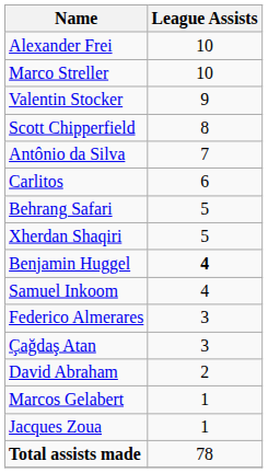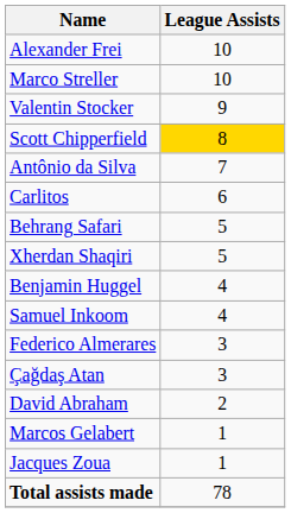 <table class="wikitable">
 <tr>
 <th>Name</th>
 <th>League Assists</th>
 </tr>
 <tr>
 <td> <a href='#'>Alexander Frei</a></td>
 <td style="text-align:center;">10</td>
 </tr>
 <tr>
 <td> <a href='#'>Marco Streller</a></td>
 <td style="text-align:center;">10</td>
 </tr>
 <tr>
 <td> <a href='#'>Valentin Stocker</a></td>
 <td style="text-align:center;">9</td>
 </tr>
 <tr>
 <td> <a href='#'>Scott Chipperfield</a></td>
-<td style="text-align:center;">8</td>
+<td style="background: gold; text-align:center;">8</td>
 </tr>
 <tr>
 <td> <a href='#'>Antônio da Silva</a></td>
 <td style="text-align:center;">7</td>
 </tr>
 <tr>
 <td> <a href='#'>Carlitos</a></td>
 <td style="text-align:center;">6</td>
 </tr>
 <tr>
 <td> <a href='#'>Behrang Safari</a></td>
 <td style="text-align:center;">5</td>
 </tr>
 <tr>
 <td> <a href='#'>Xherdan Shaqiri</a></td>
 <td style="text-align:center;">5</td>
 </tr>
 <tr>
 <td> <a href='#'>Benjamin Huggel</a></td>
-<td style="text-align:center;"><strong>4</strong></td>
+<td style="text-align:center;">4</td>
 </tr>
 <tr>
 <td> <a href='#'>Samuel Inkoom</a></td>
 <td style="text-align:center;">4</td>
 </tr>
 <tr>
 <td> <a href='#'>Federico Almerares</a></td>
 <td style="text-align:center;">3</td>
 </tr>
 <tr>
 <td> <a href='#'>Çağdaş Atan</a></td>
 <td style="text-align:center;">3</td>
 </tr>
 <tr>
 <td> <a href='#'>David Abraham</a></td>
 <td style="text-align:center;">2</td>
 </tr>
 <tr>
 <td> <a href='#'>Marcos Gelabert</a></td>
 <td style="text-align:center;">1</td>
 </tr>
 <tr>
 <td> <a href='#'>Jacques Zoua</a></td>
 <td style="text-align:center;">1</td>
 </tr>
 <tr>
 <td><strong>Total assists made</strong></td>
 <td style="text-align:center;">78</td>
 </tr>
 <tr>
 </tr>
 </table>
